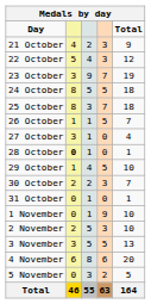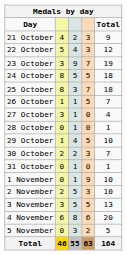 <table class="wikitable" style="font-size:85%; float:right">
 <tr align=center>
 <th colspan=5>Medals by day</th>
 </tr>
 <tr align=center>
 <td><strong>Day</strong></td>
 <td bgcolor=#f7f6a8></td>
 <td bgcolor=#dce5e5></td>
 <td bgcolor=#ffdab9></td>
 <td><strong>Total</strong></td>
 </tr>
 <tr align=center>
 <td>21 October</td>
 <td bgcolor=#f7f6a8>4</td>
 <td bgcolor=#dce5e5>2</td>
 <td bgcolor=#ffdab9>3</td>
 <td>9</td>
 </tr>
 <tr align=center>
 <td>22 October</td>
 <td bgcolor=#f7f6a8>5</td>
 <td bgcolor=#dce5e5>4</td>
 <td bgcolor=#ffdab9>3</td>
 <td>12</td>
 </tr>
 <tr align=center>
 <td>23 October</td>
 <td bgcolor=#f7f6a8>3</td>
 <td bgcolor=#dce5e5>9</td>
 <td bgcolor=#ffdab9>7</td>
 <td>19</td>
 </tr>
 <tr align=center>
 <td>24 October</td>
 <td bgcolor=#f7f6a8>8</td>
 <td bgcolor=#dce5e5>5</td>
 <td bgcolor=#ffdab9>5</td>
 <td>18</td>
 </tr>
 <tr align=center>
 <td>25 October</td>
 <td bgcolor=#f7f6a8>8</td>
 <td bgcolor=#dce5e5>3</td>
 <td bgcolor=#ffdab9>7</td>
 <td>18</td>
 </tr>
 <tr align=center>
 <td>26 October</td>
 <td bgcolor=#f7f6a8>1</td>
 <td bgcolor=#dce5e5>1</td>
 <td bgcolor=#ffdab9>5</td>
 <td>7</td>
 </tr>
 <tr align=center>
 <td>27 October</td>
 <td bgcolor=#f7f6a8>3</td>
 <td bgcolor=#dce5e5>1</td>
 <td bgcolor=#ffdab9>0</td>
 <td>4</td>
 </tr>
 <tr align=center>
 <td>28 October</td>
-<td bgcolor=#f7f6a8><strong>0</strong></td>
+<td bgcolor=#f7f6a8>0</td>
 <td bgcolor=#dce5e5>1</td>
 <td bgcolor=#ffdab9>0</td>
 <td>1</td>
 </tr>
 <tr align=center>
 <td>29 October</td>
 <td bgcolor=#f7f6a8>1</td>
 <td bgcolor=#dce5e5>4</td>
 <td bgcolor=#ffdab9>5</td>
 <td>10</td>
 </tr>
 <tr align=center>
 <td>30 October</td>
 <td bgcolor=#f7f6a8>2</td>
 <td bgcolor=#dce5e5>2</td>
 <td bgcolor=#ffdab9>3</td>
 <td>7</td>
 </tr>
 <tr align=center>
 <td>31 October</td>
 <td bgcolor=#f7f6a8>0</td>
 <td bgcolor=#dce5e5>1</td>
 <td bgcolor=#ffdab9>0</td>
 <td>1</td>
 </tr>
 <tr align=center>
 <td>1 November</td>
 <td bgcolor=#f7f6a8>0</td>
 <td bgcolor=#dce5e5>1</td>
 <td bgcolor=#ffdab9>9</td>
 <td>10</td>
 </tr>
 <tr align=center>
 <td>2 November</td>
 <td bgcolor=#f7f6a8>2</td>
 <td bgcolor=#dce5e5>5</td>
 <td bgcolor=#ffdab9>3</td>
 <td>10</td>
 </tr>
 <tr align=center>
 <td>3 November</td>
 <td bgcolor=#f7f6a8>3</td>
 <td bgcolor=#dce5e5>5</td>
 <td bgcolor=#ffdab9>5</td>
 <td>13</td>
 </tr>
 <tr align=center>
 <td>4 November</td>
 <td bgcolor=#f7f6a8>6</td>
 <td bgcolor=#dce5e5>8</td>
 <td bgcolor=#ffdab9>6</td>
 <td>20</td>
 </tr>
 <tr align=center>
 <td>5 November</td>
 <td bgcolor=#f7f6a8>0</td>
 <td bgcolor=#dce5e5>3</td>
 <td bgcolor=#ffdab9>2</td>
 <td>5</td>
 </tr>
 <tr>
 <th>Total</th>
 <th style=background:gold>46</th>
 <th style=background:silver>55</th>
 <th style=background:#c96>63</th>
 <th>164</th>
 </tr>
 </table>
